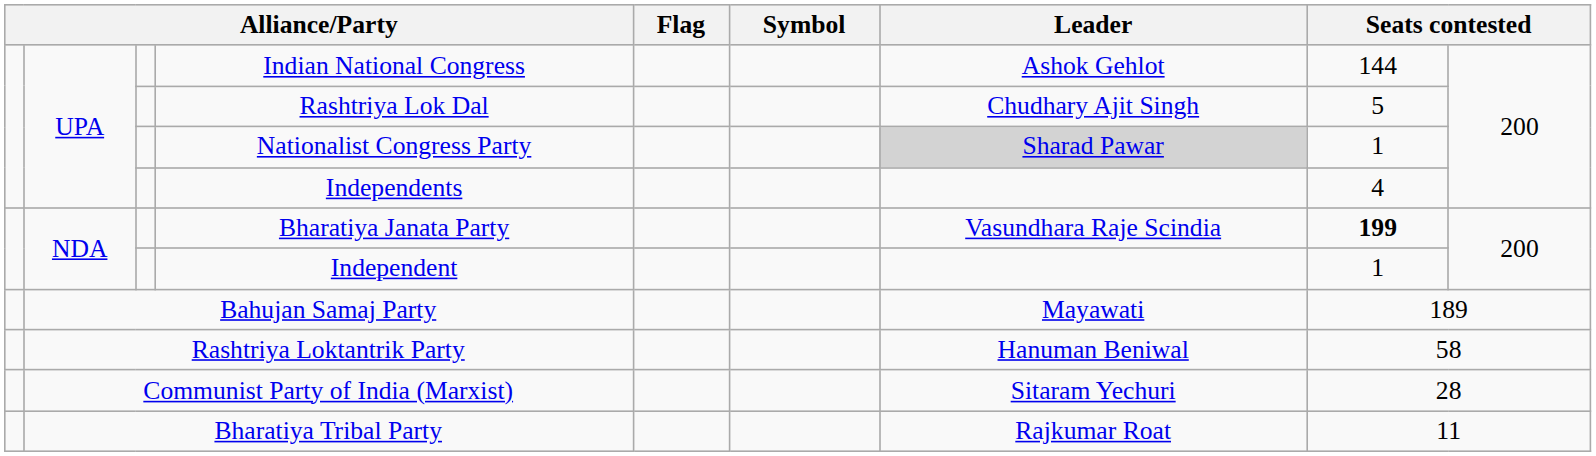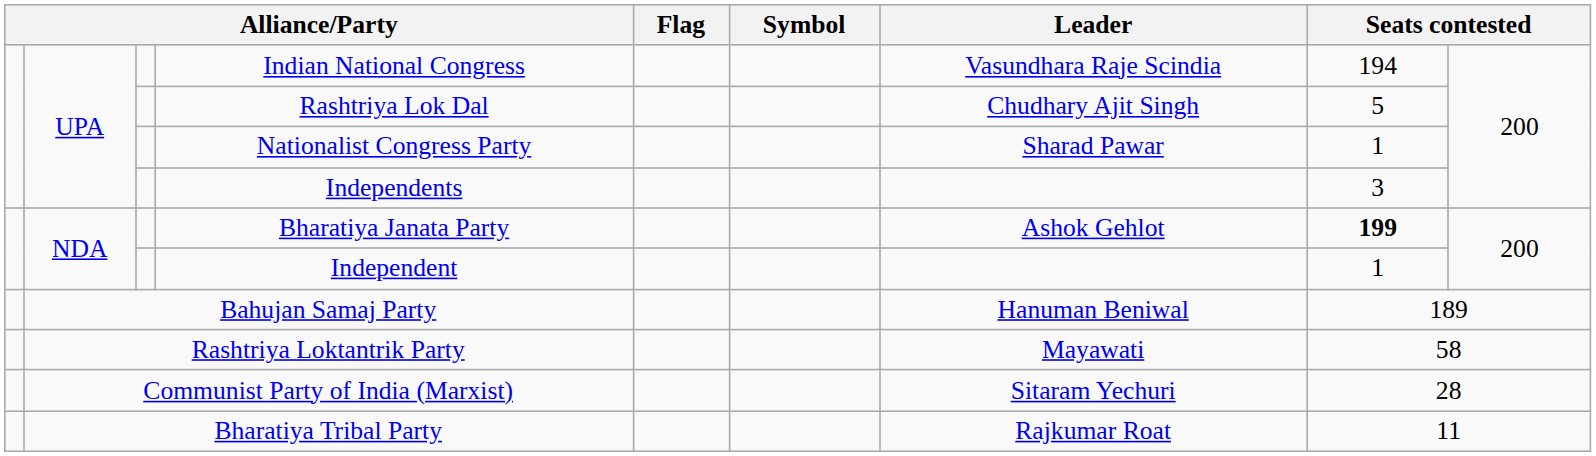 <table class="wikitable sortable" width="50%" style="text-align:center;">
 <tr>
 <th colspan=4>Alliance/Party</th>
 <th>Flag</th>
 <th>Symbol</th>
 <th>Leader</th>
 <th colspan=4>Seats contested</th>
 </tr>
 <tr>
 <td rowspan=4 style="text-align:center; background:"></td>
 <td rowspan=4><a href='#'>UPA</a></td>
 <td style="text-align:center; background:"></td>
 <td><a href='#'>Indian National Congress</a></td>
 <td></td>
 <td></td>
-<td><a href='#'>Ashok Gehlot</a></td>
-<td>144</td>
+<td><a href='#'>Vasundhara Raje Scindia</a></td>
+<td>194</td>
 <td rowspan=4>200</td>
 </tr>
 <tr>
 <td style="text-align:center; background:"></td>
 <td><a href='#'>Rashtriya Lok Dal</a></td>
 <td></td>
 <td></td>
 <td><a href='#'>Chudhary Ajit Singh</a></td>
 <td>5</td>
 </tr>
 <tr>
 <td style="text-align:center; background:"></td>
 <td><a href='#'>Nationalist Congress Party</a></td>
 <td></td>
 <td></td>
-<td style="background: lightgrey;"><a href='#'>Sharad Pawar</a></td>
+<td><a href='#'>Sharad Pawar</a></td>
 <td>1</td>
 </tr>
 <tr>
 <td style="text-align:center; background:"></td>
 <td><a href='#'>Independents</a></td>
 <td></td>
 <td></td>
 <td></td>
-<td>4</td>
+<td>3</td>
 </tr>
 <tr>
 <td rowspan=2 style="text-align:center; background:"></td>
 <td rowspan=2><a href='#'>NDA</a></td>
 <td style="text-align:center; background:"></td>
 <td><a href='#'>Bharatiya Janata Party</a></td>
 <td></td>
 <td></td>
-<td><a href='#'>Vasundhara Raje Scindia</a></td>
+<td><a href='#'>Ashok Gehlot</a></td>
 <td><strong>199</strong></td>
 <td rowspan=2>200</td>
 </tr>
 <tr>
 <td style="text-align:center; background:"></td>
 <td><a href='#'>Independent</a></td>
 <td></td>
 <td></td>
 <td></td>
 <td>1</td>
 </tr>
 <tr>
 <td></td>
 <td colspan=3><a href='#'>Bahujan Samaj Party</a></td>
 <td></td>
 <td></td>
-<td><a href='#'>Mayawati</a></td>
+<td><a href='#'>Hanuman Beniwal</a></td>
 <td colspan=3>189</td>
 </tr>
 <tr>
 <td></td>
 <td colspan=3><a href='#'>Rashtriya Loktantrik Party</a></td>
 <td></td>
 <td></td>
-<td><a href='#'>Hanuman Beniwal</a></td>
+<td><a href='#'>Mayawati</a></td>
 <td colspan=3>58</td>
 </tr>
 <tr>
 <td></td>
 <td colspan=3><a href='#'>Communist Party of India (Marxist)</a></td>
 <td></td>
 <td></td>
 <td><a href='#'>Sitaram Yechuri</a></td>
 <td colspan=3>28</td>
 </tr>
 <tr>
 <td></td>
 <td colspan=3><a href='#'>Bharatiya Tribal Party</a></td>
 <td></td>
 <td></td>
 <td><a href='#'>Rajkumar Roat</a></td>
 <td colspan=3>11</td>
 </tr>
 </table>
